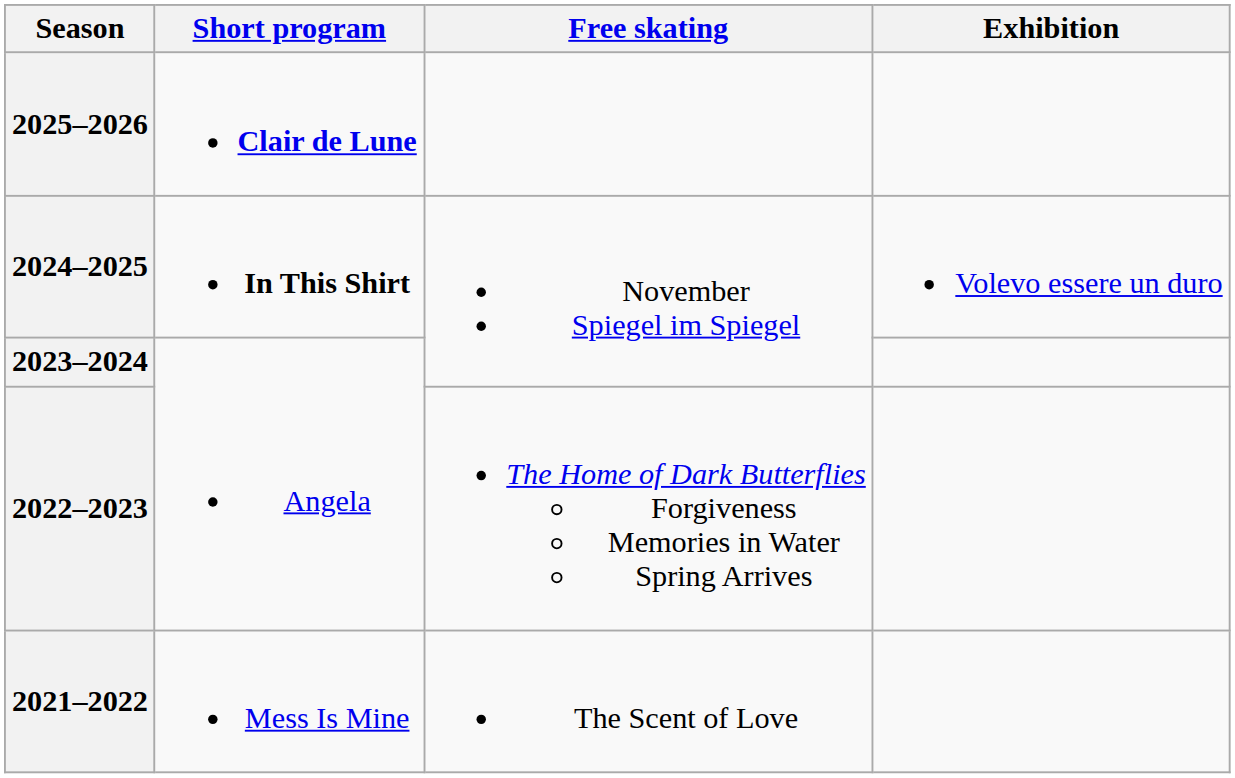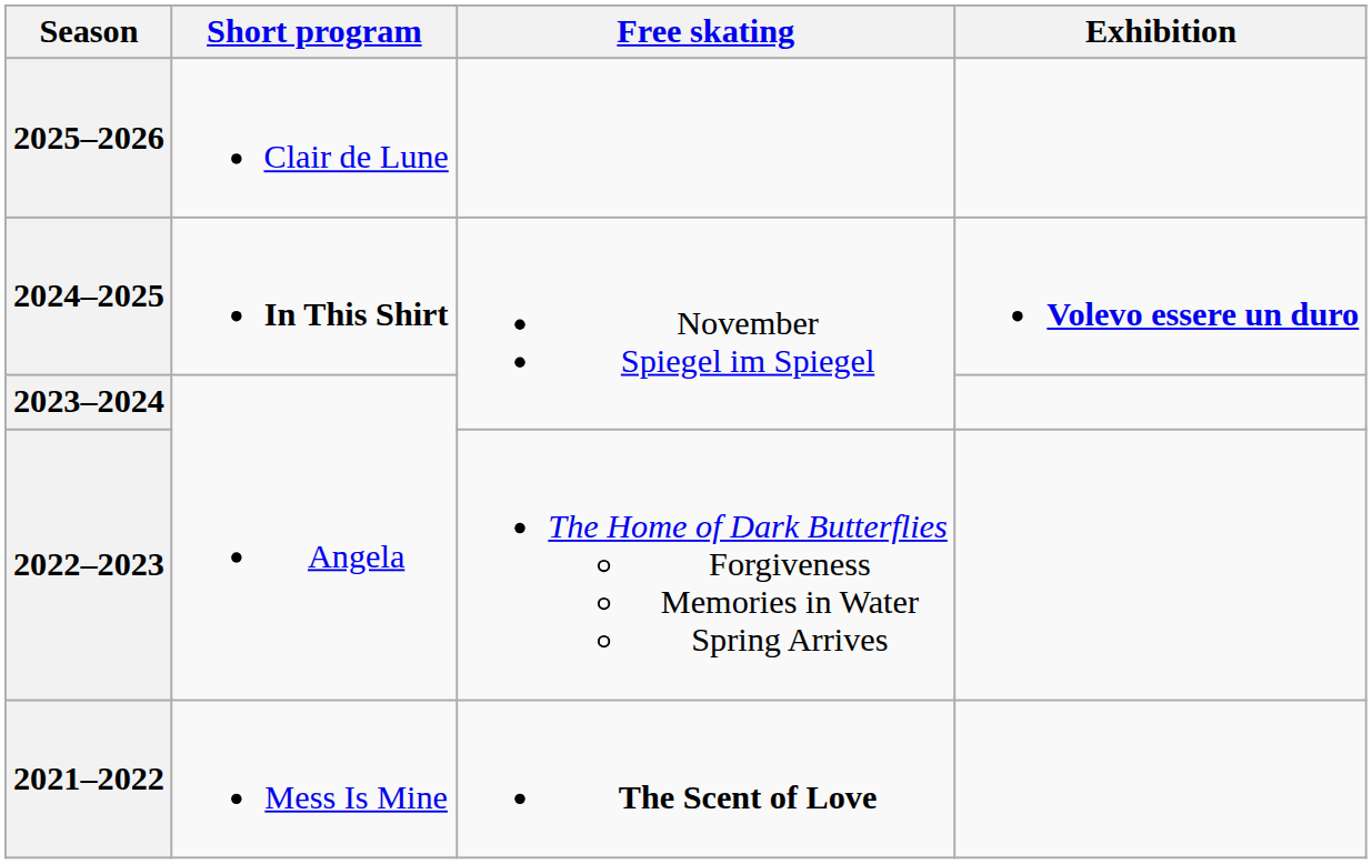 <table class=wikitable style=text-align:center>
 <tr>
 <th>Season</th>
 <th><a href='#'>Short program</a></th>
 <th><a href='#'>Free skating</a></th>
 <th>Exhibition</th>
 </tr>
 <tr>
 <th>2025–2026 <br> </th>
-<td><strong><br><ul><li><a href='#'>Clair de Lune</a> <br> </li></ul></strong></td>
+<td><br><ul><li><a href='#'>Clair de Lune</a> <br> </li></ul></td>
 <td></td>
 <td></td>
 </tr>
 <tr>
 <th>2024–2025 <br> </th>
 <td><strong><br><ul><li>In This Shirt <br> </li></ul></strong></td>
 <td rowspan=2><br><ul><li>November <br></li><li><a href='#'>Spiegel im Spiegel</a> <br></li></ul></td>
-<td><br><ul><li><a href='#'>Volevo essere un duro</a> <br> </li></ul></td>
+<td><strong><br><ul><li><a href='#'>Volevo essere un duro</a> <br> </li></ul></strong></td>
 </tr>
 <tr>
 <th>2023–2024 <br> </th>
 <td rowspan=2><br><ul><li><a href='#'>Angela</a> <br></li></ul></td>
 <td></td>
 </tr>
 <tr>
 <th>2022–2023 <br> </th>
 <td><br><ul><li><em><a href='#'>The Home of Dark Butterflies</a></em><ul><li>Forgiveness</li><li>Memories in Water</li><li>Spring Arrives <br></li></ul></li></ul></td>
 <td></td>
 </tr>
 <tr>
 <th>2021–2022 <br> </th>
 <td><br><ul><li><a href='#'>Mess Is Mine</a> <br></li></ul></td>
-<td><br><ul><li>The Scent of Love <br></li></ul></td>
+<td><strong><br><ul><li>The Scent of Love <br></li></ul></strong></td>
 <td></td>
 </tr>
 </table>
